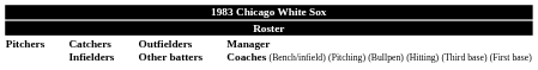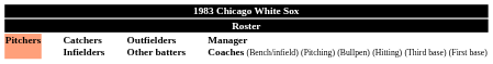 <table class="toccolours" style="font-size: 95%;">
 <tr>
 <th colspan="10" style="background-color: black; color: white; text-align: center;">1983 Chicago White Sox</th>
 </tr>
 <tr>
 <td colspan="10" style="background-color: black; color: white; text-align: center;"><strong>Roster</strong></td>
 </tr>
 <tr>
-<td valign="top"><strong>Pitchers</strong><br>              </td>
+<td valign="top" style="background: lightsalmon;"><strong>Pitchers</strong><br>              </td>
 <td width="25px"></td>
 <td valign="top"><strong>Catchers</strong><br>   <strong>Infielders</strong>            </td>
 <td width="25px"></td>
 <td valign="top"><strong>Outfielders</strong><br>        <strong>Other batters</strong> </td>
 <td width="25px"></td>
 <td valign="top"><strong>Manager</strong><br> <strong>Coaches</strong>  <small>(Bench/infield)</small>  <small>(Pitching)</small>  <small>(Bullpen)</small>  <small>(Hitting)</small>  <small>(Third base)</small>  <small>(First base)</small></td>
 </tr>
 </table>
